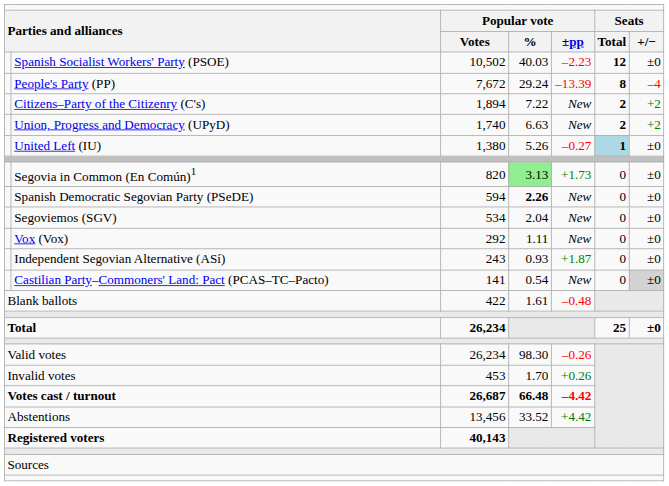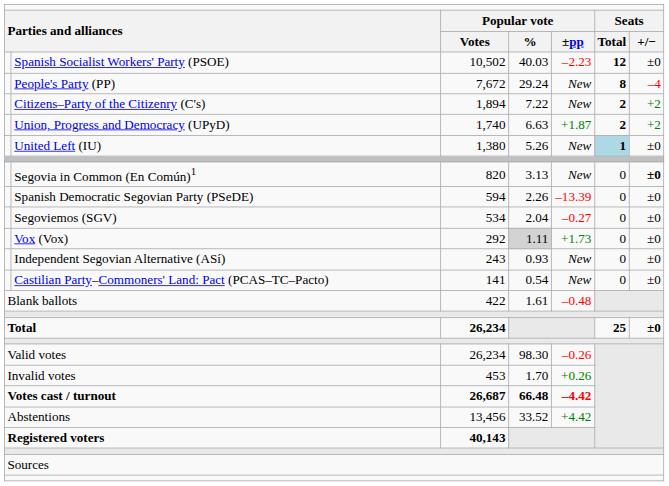 <table class="wikitable" style="text-align:right;">
 <tr>
 <td colspan="7"></td>
 </tr>
 <tr>
 <th style="text-align:left;" rowspan="2" colspan="2" width="525">Parties and alliances</th>
 <th colspan="3">Popular vote</th>
 <th colspan="2">Seats</th>
 </tr>
 <tr>
 <th width="75">Votes</th>
 <th width="45">%</th>
 <th width="45">±<a href='#'>pp</a></th>
 <th width="35">Total</th>
 <th width="35">+/−</th>
 </tr>
 <tr>
 <td width="1" style="color:inherit;background:"></td>
 <td align="left"><a href='#'>Spanish Socialist Workers' Party</a> (PSOE)</td>
 <td>10,502</td>
 <td>40.03</td>
 <td style="color:red;">–2.23</td>
 <td><strong>12</strong></td>
 <td>±0</td>
 </tr>
 <tr>
 <td style="color:inherit;background:"></td>
 <td align="left"><a href='#'>People's Party</a> (PP)</td>
 <td>7,672</td>
 <td>29.24</td>
-<td style="color:red;">–13.39</td>
+<td><em>New</em></td>
 <td><strong>8</strong></td>
 <td style="color:red;">–4</td>
 </tr>
 <tr>
 <td style="color:inherit;background:"></td>
 <td align="left"><a href='#'>Citizens–Party of the Citizenry</a> (C's)</td>
 <td>1,894</td>
 <td>7.22</td>
 <td><em>New</em></td>
 <td><strong>2</strong></td>
 <td style="color:green;">+2</td>
 </tr>
 <tr>
 <td style="color:inherit;background:"></td>
 <td align="left"><a href='#'>Union, Progress and Democracy</a> (UPyD)</td>
 <td>1,740</td>
 <td>6.63</td>
-<td><em>New</em></td>
+<td style="color:green;">+1.87</td>
 <td><strong>2</strong></td>
 <td style="color:green;">+2</td>
 </tr>
 <tr>
 <td style="color:inherit;background:"></td>
 <td align="left"><a href='#'>United Left</a> (IU)</td>
 <td>1,380</td>
 <td>5.26</td>
-<td style="color:red;">–0.27</td>
+<td><em>New</em></td>
 <td style="background: lightblue;"><strong>1</strong></td>
 <td>±0</td>
 </tr>
 <tr>
 <td colspan="7" bgcolor="#C0C0C0"></td>
 </tr>
 <tr>
 <td style="color:inherit;background:"></td>
 <td align="left">Segovia in Common (En Común)<sup>1</sup></td>
 <td>820</td>
-<td style="background: lightgreen;">3.13</td>
-<td style="color:green;">+1.73</td>
+<td>3.13</td>
+<td><em>New</em></td>
 <td>0</td>
-<td>±0</td>
+<td><strong>±0</strong></td>
 </tr>
 <tr>
 <td style="color:inherit;background:"></td>
 <td align="left">Spanish Democratic Segovian Party (PSeDE)</td>
 <td>594</td>
-<td><strong>2.26</strong></td>
-<td><em>New</em></td>
+<td>2.26</td>
+<td style="color:red;">–13.39</td>
 <td>0</td>
 <td>±0</td>
 </tr>
 <tr>
 <td style="color:inherit;background:"></td>
 <td align="left">Segoviemos (SGV)</td>
 <td>534</td>
 <td>2.04</td>
-<td><em>New</em></td>
+<td style="color:red;">–0.27</td>
 <td>0</td>
 <td>±0</td>
 </tr>
 <tr>
 <td style="color:inherit;background:"></td>
 <td align="left"><a href='#'>Vox</a> (Vox)</td>
 <td>292</td>
-<td>1.11</td>
-<td><em>New</em></td>
+<td style="background: lightgrey;">1.11</td>
+<td style="color:green;">+1.73</td>
 <td>0</td>
 <td>±0</td>
 </tr>
 <tr>
 <td style="color:inherit;background:"></td>
 <td align="left">Independent Segovian Alternative (ASí)</td>
 <td>243</td>
 <td>0.93</td>
-<td style="color:green;">+1.87</td>
+<td><em>New</em></td>
 <td>0</td>
 <td>±0</td>
 </tr>
 <tr>
 <td style="color:inherit;background:"></td>
 <td align="left"><a href='#'>Castilian Party</a>–<a href='#'>Commoners' Land: Pact</a> (PCAS–TC–Pacto)</td>
 <td>141</td>
 <td>0.54</td>
 <td><em>New</em></td>
 <td>0</td>
-<td style="background: lightgrey;">±0</td>
+<td>±0</td>
 </tr>
 <tr>
 <td align="left" colspan="2">Blank ballots</td>
 <td>422</td>
 <td>1.61</td>
 <td style="color:red;">–0.48</td>
 <td bgcolor="#E9E9E9" colspan="2"></td>
 </tr>
 <tr>
 <td colspan="7" bgcolor="#E9E9E9"></td>
 </tr>
 <tr style="font-weight:bold;">
 <td align="left" colspan="2">Total</td>
 <td>26,234</td>
 <td bgcolor="#E9E9E9" colspan="2"></td>
 <td>25</td>
 <td>±0</td>
 </tr>
 <tr>
 <td colspan="7" bgcolor="#E9E9E9"></td>
 </tr>
 <tr>
 <td align="left" colspan="2">Valid votes</td>
 <td>26,234</td>
 <td>98.30</td>
 <td style="color:red;">–0.26</td>
 <td bgcolor="#E9E9E9" colspan="2" rowspan="5"></td>
 </tr>
 <tr>
 <td align="left" colspan="2">Invalid votes</td>
 <td>453</td>
 <td>1.70</td>
 <td style="color:green;">+0.26</td>
 </tr>
 <tr style="font-weight:bold;">
 <td align="left" colspan="2">Votes cast / turnout</td>
 <td>26,687</td>
 <td>66.48</td>
 <td style="color:red;">–4.42</td>
 </tr>
 <tr>
 <td align="left" colspan="2">Abstentions</td>
 <td>13,456</td>
 <td>33.52</td>
 <td style="color:green;">+4.42</td>
 </tr>
 <tr style="font-weight:bold;">
 <td align="left" colspan="2">Registered voters</td>
 <td>40,143</td>
 <td bgcolor="#E9E9E9" colspan="2"></td>
 </tr>
 <tr>
 <td colspan="7" bgcolor="#E9E9E9"></td>
 </tr>
 <tr>
 <td align="left" colspan="7">Sources</td>
 </tr>
 <tr>
 <td colspan="7" style="text-align:left; max-width:790px;"></td>
 </tr>
 </table>
